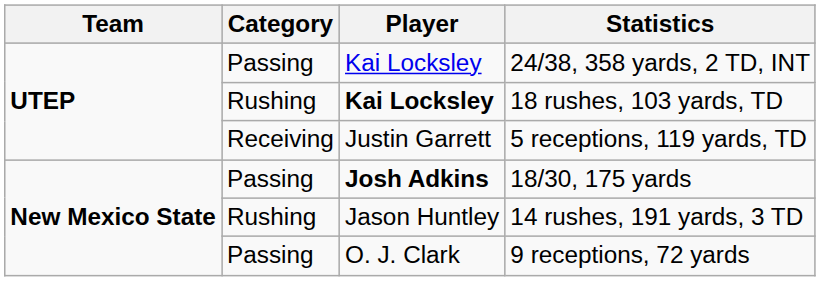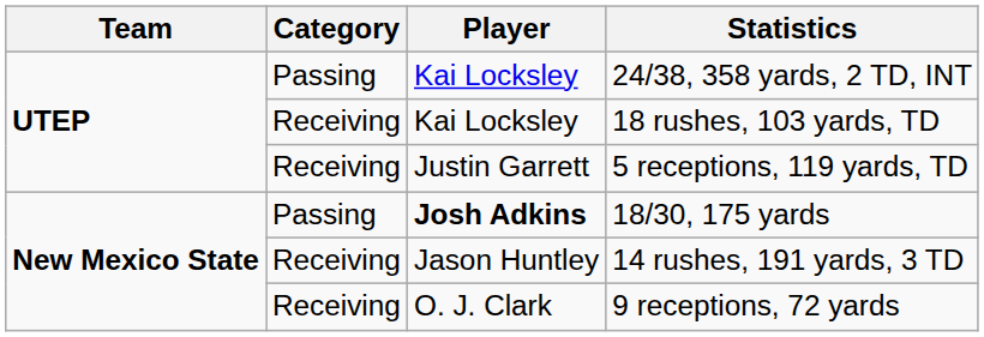 <table class="wikitable" style="float: left;">
 <tr>
 <th>Team</th>
 <th>Category</th>
 <th>Player</th>
 <th>Statistics</th>
 </tr>
 <tr>
 <td rowspan=3><strong>UTEP</strong></td>
 <td>Passing</td>
 <td><a href='#'>Kai Locksley</a></td>
 <td>24/38, 358 yards, 2 TD, INT</td>
 </tr>
 <tr>
-<td>Rushing</td>
-<td><strong>Kai Locksley</strong></td>
+<td>Receiving</td>
+<td>Kai Locksley</td>
 <td>18 rushes, 103 yards, TD</td>
 </tr>
 <tr>
 <td>Receiving</td>
 <td>Justin Garrett</td>
 <td>5 receptions, 119 yards, TD</td>
 </tr>
 <tr>
 <td rowspan=3><strong>New Mexico State</strong></td>
 <td>Passing</td>
 <td><strong>Josh Adkins</strong></td>
 <td>18/30, 175 yards</td>
 </tr>
 <tr>
-<td>Rushing</td>
+<td>Receiving</td>
 <td>Jason Huntley</td>
 <td>14 rushes, 191 yards, 3 TD</td>
 </tr>
 <tr>
-<td>Passing</td>
+<td>Receiving</td>
 <td>O. J. Clark</td>
 <td>9 receptions, 72 yards</td>
 </tr>
 </table>
